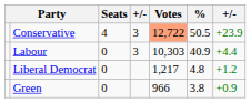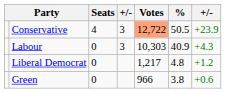 <table class="wikitable sortable">
 <tr>
 <th colspan="2">Party</th>
 <th>Seats</th>
 <th>+/-</th>
 <th>Votes</th>
 <th>%</th>
 <th>+/-</th>
 </tr>
 <tr>
 <td style="background-color: "></td>
 <td><a href='#'>Conservative</a></td>
 <td>4</td>
 <td> 3</td>
 <td style="background: lightsalmon;">12,722</td>
 <td>50.5</td>
 <td style="color:green">+23.9</td>
 </tr>
 <tr>
 <td style="background-color: "></td>
 <td><a href='#'>Labour</a></td>
 <td>0</td>
 <td> 3</td>
 <td>10,303</td>
 <td>40.9</td>
-<td style="color:green">+4.4</td>
+<td style="color:green">+4.3</td>
 </tr>
 <tr>
 <td style="background-color: "></td>
 <td><a href='#'>Liberal Democrat</a></td>
 <td>0</td>
 <td></td>
 <td>1,217</td>
 <td>4.8</td>
 <td style="color:green">+1.2</td>
 </tr>
 <tr>
 <td style="background-color: "></td>
 <td><a href='#'>Green</a></td>
 <td>0</td>
 <td></td>
 <td>966</td>
 <td>3.8</td>
-<td style="color:green">+0.9</td>
+<td style="color:green">+0.6</td>
 </tr>
 </table>
